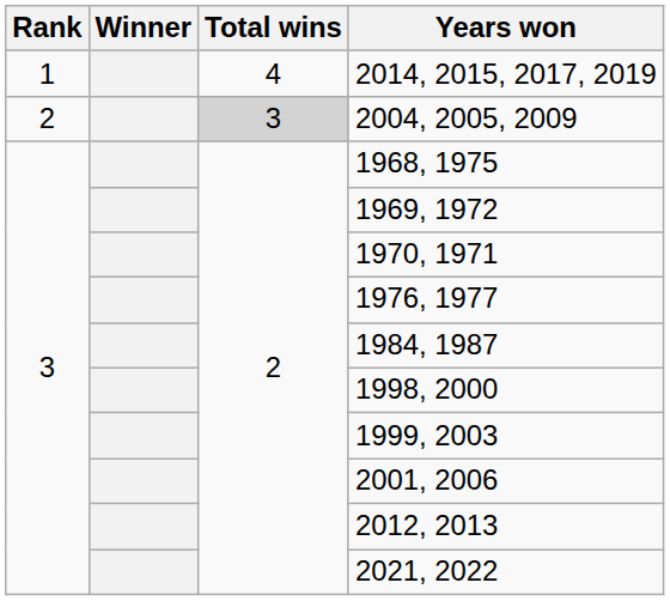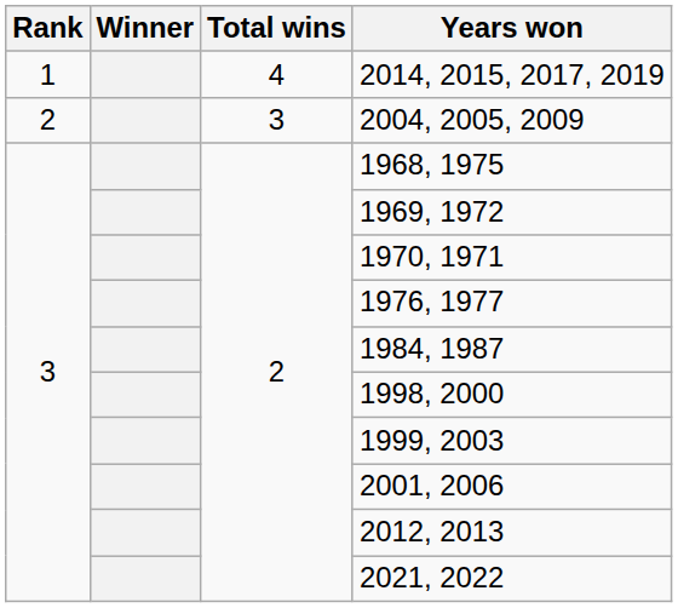 <table class="wikitable plainrowheaders">
 <tr>
 <th scope="col">Rank</th>
 <th scope="col">Winner</th>
 <th scope="col">Total wins</th>
 <th scope="col">Years won</th>
 </tr>
 <tr>
 <td style="text-align:center;">1</td>
 <th scope="row"></th>
 <td style="text-align:center;">4</td>
 <td>2014, 2015, 2017, 2019</td>
 </tr>
 <tr>
 <td style="text-align:center;">2</td>
 <th scope="row"></th>
-<td style="background: lightgrey; text-align:center;">3</td>
+<td style="text-align:center;">3</td>
 <td>2004, 2005, 2009</td>
 </tr>
 <tr>
 <td rowspan="10" style="text-align:center;">3</td>
 <th scope="row"></th>
 <td rowspan="10" style="text-align:center;">2</td>
 <td>1968, 1975</td>
 </tr>
 <tr>
 <th scope="row"></th>
 <td>1969, 1972</td>
 </tr>
 <tr>
 <th scope="row"></th>
 <td>1970, 1971</td>
 </tr>
 <tr>
 <th scope="row"></th>
 <td>1976, 1977</td>
 </tr>
 <tr>
 <th scope="row"></th>
 <td>1984, 1987</td>
 </tr>
 <tr>
 <th scope="row"></th>
 <td>1998, 2000</td>
 </tr>
 <tr>
 <th scope="row"></th>
 <td>1999, 2003</td>
 </tr>
 <tr>
 <th scope="row"></th>
 <td>2001, 2006</td>
 </tr>
 <tr>
 <th scope="row"></th>
 <td>2012, 2013</td>
 </tr>
 <tr>
 <th scope="row"></th>
 <td>2021, 2022</td>
 </tr>
 </table>
